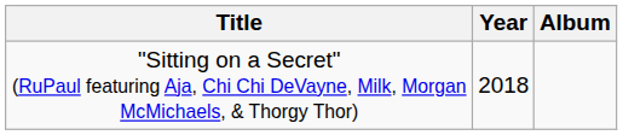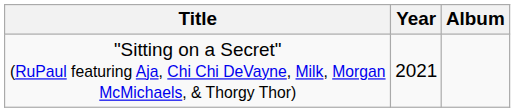 <table class="wikitable plainrowheaders" style="text-align:center;">
 <tr>
 <th style="width:20em;">Title</th>
 <th>Year</th>
 <th>Album</th>
 </tr>
 <tr>
 <td>"Sitting on a Secret" <br><small>(<a href='#'>RuPaul</a> featuring <a href='#'>Aja</a>, <a href='#'>Chi Chi DeVayne</a>, <a href='#'>Milk</a>, <a href='#'>Morgan McMichaels</a>, & Thorgy Thor)</small></td>
-<td>2018</td>
+<td>2021</td>
 <td></td>
 </tr>
 </table>
